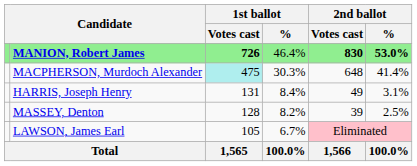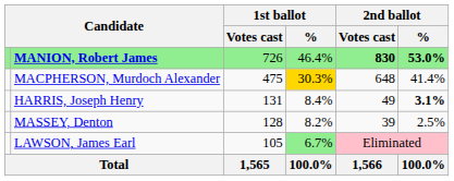 <table class="wikitable">
 <tr>
 <th rowspan="2" colspan="2">Candidate</th>
 <th colspan="2">1st ballot</th>
 <th colspan="2">2nd ballot</th>
 </tr>
 <tr>
 <th>Votes cast</th>
 <th>%</th>
 <th>Votes cast</th>
 <th>%</th>
 </tr>
 <tr style="background:lightgreen;">
 <td></td>
 <td><strong><a href='#'>MANION, Robert James</a></strong></td>
-<td align="right"><strong>726</strong></td>
+<td align="right">726</td>
 <td align="right">46.4%</td>
 <td align="right"><strong>830</strong></td>
 <td align="right"><strong>53.0%</strong></td>
 </tr>
 <tr>
 <td></td>
 <td><a href='#'>MACPHERSON, Murdoch Alexander</a></td>
-<td align="right" style="background: paleturquoise;">475</td>
-<td align="right">30.3%</td>
+<td align="right">475</td>
+<td align="right" style="background: gold;">30.3%</td>
 <td align="right">648</td>
 <td align="right">41.4%</td>
 </tr>
 <tr>
 <td></td>
 <td><a href='#'>HARRIS, Joseph Henry</a></td>
 <td align="right">131</td>
 <td align="right">8.4%</td>
 <td align="right">49</td>
-<td align="right">3.1%</td>
+<td align="right"><strong>3.1%</strong></td>
 </tr>
 <tr>
 <td></td>
 <td><a href='#'>MASSEY, Denton</a></td>
 <td align="right">128</td>
 <td align="right">8.2%</td>
 <td align="right">39</td>
 <td align="right">2.5%</td>
 </tr>
 <tr>
 <td></td>
 <td><a href='#'>LAWSON, James Earl</a></td>
 <td align="right">105</td>
-<td align="right">6.7%</td>
+<td align="right" style="background: lightgreen;">6.7%</td>
 <td style="text-align:center; background:pink;" colspan="2">Eliminated</td>
 </tr>
 <tr>
 <th colspan="2">Total</th>
 <th align="right">1,565</th>
 <th align="right">100.0%</th>
 <th align="right">1,566</th>
 <th align="right">100.0%</th>
 </tr>
 </table>
